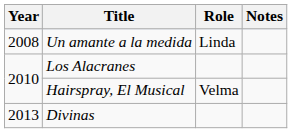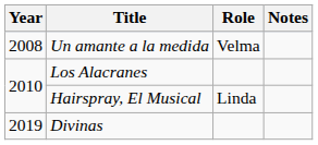 <table class="wikitable">
 <tr style="background:#b0c4de;">
 <th>Year</th>
 <th>Title</th>
 <th>Role</th>
 <th>Notes</th>
 </tr>
 <tr>
 <td>2008</td>
 <td><em>Un amante a la medida</em></td>
-<td>Linda</td>
+<td>Velma</td>
 <td></td>
 </tr>
 <tr>
 <td rowspan=2>2010</td>
 <td><em>Los Alacranes</em></td>
 <td></td>
 <td></td>
 </tr>
 <tr>
 <td><em>Hairspray, El Musical</em></td>
-<td>Velma</td>
+<td>Linda</td>
 <td></td>
 </tr>
 <tr>
-<td>2013</td>
+<td>2019</td>
 <td><em>Divinas</em></td>
 <td></td>
 <td></td>
 </tr>
 </table>
